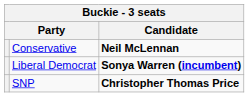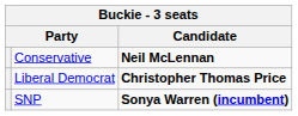 <table class="wikitable sortable">
 <tr>
 <th colspan="3">Buckie - 3 seats</th>
 </tr>
 <tr>
 <th colspan="2">Party</th>
 <th>Candidate</th>
 </tr>
 <tr>
 <th style="background-color: "></th>
 <td><a href='#'>Conservative</a></td>
 <td><strong>Neil McLennan</strong></td>
 </tr>
 <tr>
 <th style="background-color: "></th>
 <td><a href='#'>Liberal Democrat</a></td>
-<td><strong>Sonya Warren (<a href='#'>incumbent</a>)</strong></td>
+<td><strong>Christopher Thomas Price</strong></td>
 </tr>
 <tr>
 <th style="background-color: "></th>
 <td><a href='#'>SNP</a></td>
-<td><strong>Christopher Thomas Price</strong></td>
+<td><strong>Sonya Warren (<a href='#'>incumbent</a>)</strong></td>
 </tr>
 </table>
